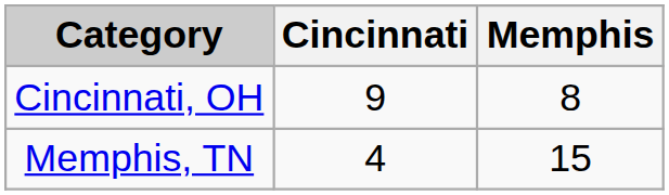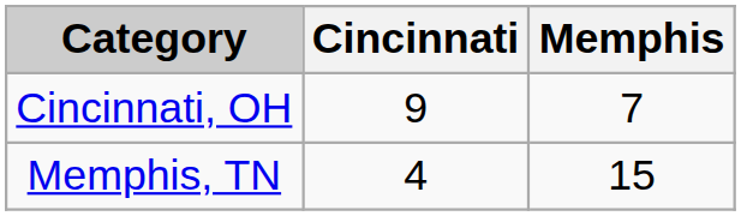 <table class="wikitable">
 <tr>
 <th style="background:#CCCCCC; text-align:center"><strong>Category</strong></th>
 <th><strong>Cincinnati</strong></th>
 <th><strong>Memphis</strong></th>
 </tr>
 <tr>
 <td align=center><a href='#'>Cincinnati, OH</a></td>
 <td align=center>9</td>
-<td align=center>8</td>
+<td align=center>7</td>
 </tr>
 <tr>
 <td align=center><a href='#'>Memphis, TN</a></td>
 <td align=center>4</td>
 <td align=center>15</td>
 </tr>
 </table>
